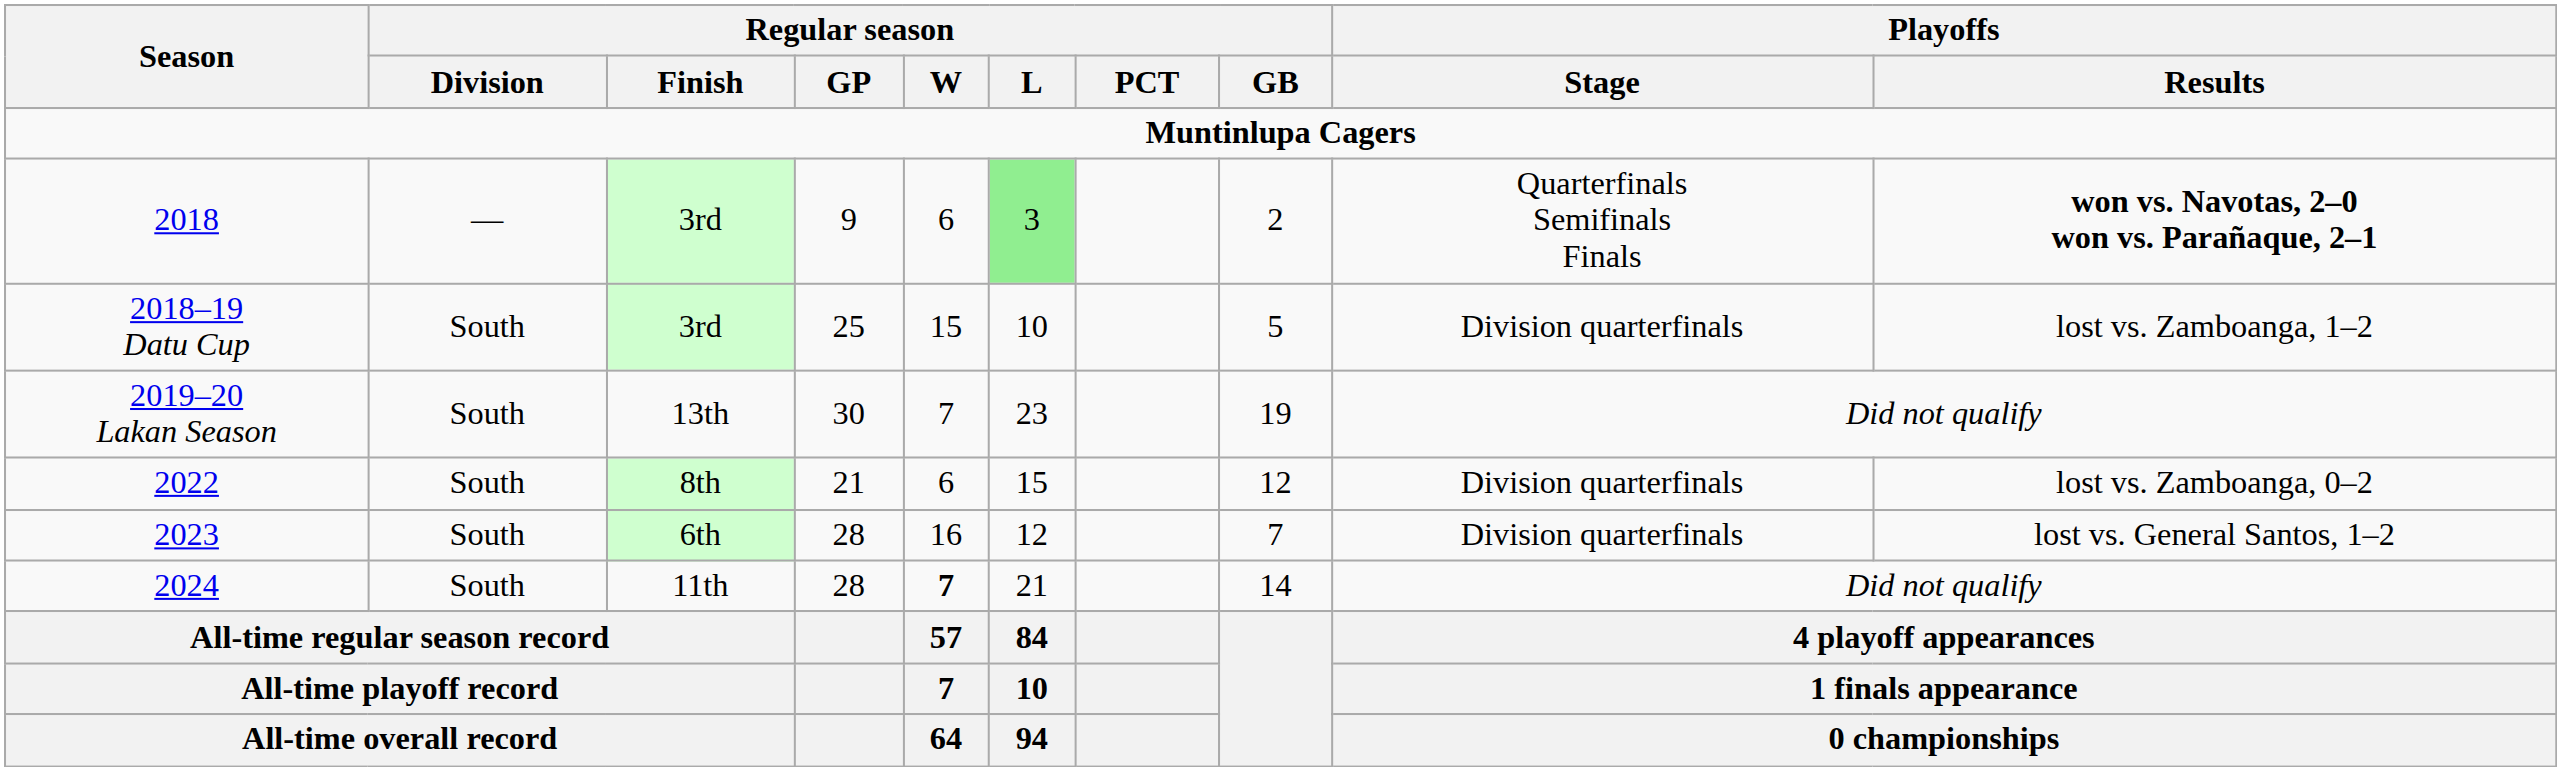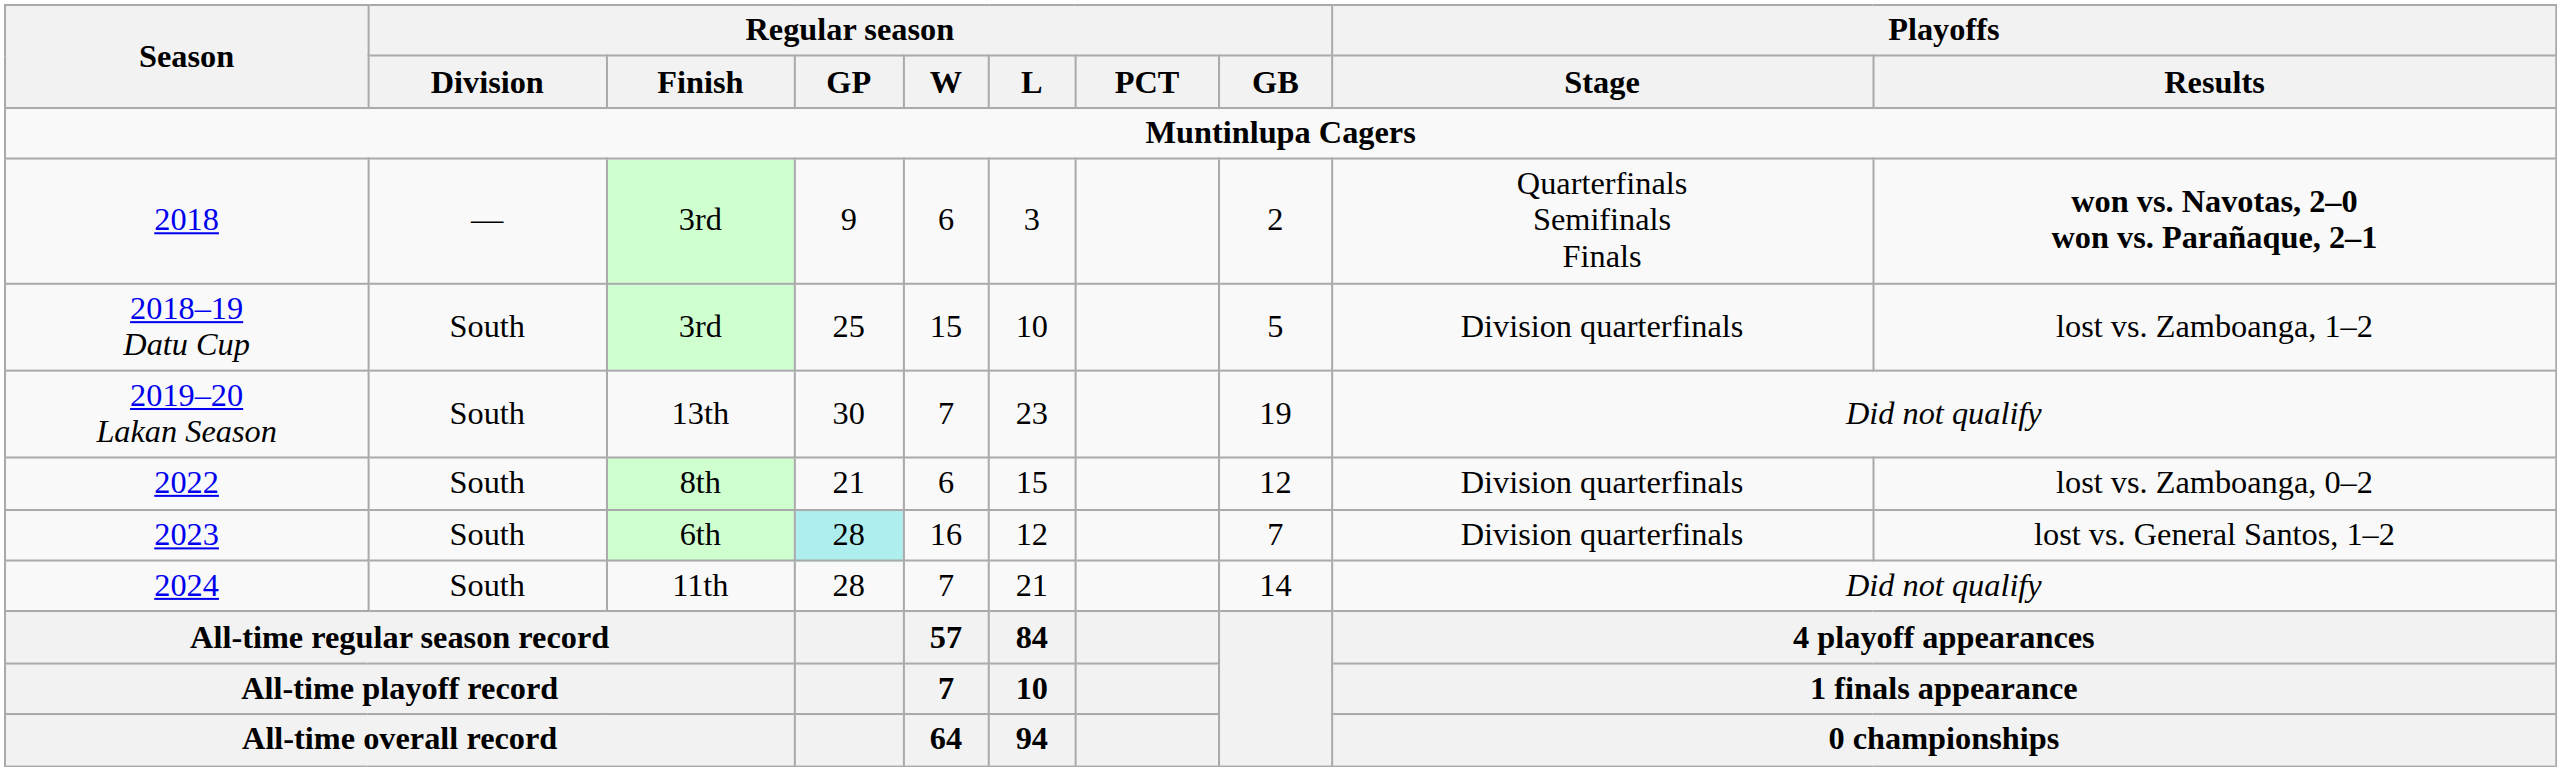 <table class=wikitable style="width:100%; text-align:center">
 <tr>
 <th rowspan="2">Season</th>
 <th colspan="7">Regular season</th>
 <th colspan="2">Playoffs</th>
 </tr>
 <tr>
 <th>Division</th>
 <th>Finish</th>
 <th>GP</th>
 <th>W</th>
 <th>L</th>
 <th>PCT</th>
 <th>GB</th>
 <th>Stage</th>
 <th>Results</th>
 </tr>
 <tr>
 <td colspan=10><span><strong>Muntinlupa Cagers</strong></span></td>
 </tr>
 <tr>
 <td><a href='#'>2018</a> <br> </td>
 <td>—</td>
 <td bgcolor="#CFFFCF">3rd</td>
 <td>9</td>
 <td>6</td>
-<td style="background: lightgreen;">3</td>
+<td>3</td>
 <td></td>
 <td>2</td>
 <td>Quarterfinals<br>Semifinals<br>Finals</td>
 <td><strong>won vs. Navotas, 2–0</strong><br><strong>won vs. Parañaque, 2–1</strong><br></td>
 </tr>
 <tr>
 <td><a href='#'>2018–19</a> <br> <em>Datu Cup</em></td>
 <td>South</td>
 <td bgcolor="#CFFFCF">3rd</td>
 <td>25</td>
 <td>15</td>
 <td>10</td>
 <td></td>
 <td>5</td>
 <td>Division quarterfinals</td>
 <td>lost vs. Zamboanga, 1–2</td>
 </tr>
 <tr>
 <td><a href='#'>2019–20</a> <br> <em>Lakan Season</em></td>
 <td>South</td>
 <td>13th</td>
 <td>30</td>
 <td>7</td>
 <td>23</td>
 <td></td>
 <td>19</td>
 <td colspan="2"><em>Did not qualify</em></td>
 </tr>
 <tr>
 <td><a href='#'>2022</a></td>
 <td>South</td>
 <td bgcolor="#CFFFCF">8th</td>
 <td>21</td>
 <td>6</td>
 <td>15</td>
 <td></td>
 <td>12</td>
 <td>Division quarterfinals</td>
 <td>lost vs. Zamboanga, 0–2</td>
 </tr>
 <tr>
 <td><a href='#'>2023</a></td>
 <td>South</td>
 <td bgcolor="#CFFFCF">6th</td>
-<td>28</td>
+<td style="background: paleturquoise;">28</td>
 <td>16</td>
 <td>12</td>
 <td></td>
 <td>7</td>
 <td>Division quarterfinals</td>
 <td>lost vs. General Santos, 1–2</td>
 </tr>
 <tr>
 <td><a href='#'>2024</a></td>
 <td>South</td>
 <td>11th</td>
 <td>28</td>
-<td><strong>7</strong></td>
+<td>7</td>
 <td>21</td>
 <td></td>
 <td>14</td>
 <td colspan="2"><em>Did not qualify</em></td>
 </tr>
 <tr>
 <th colspan="3">All-time regular season record</th>
 <th></th>
 <th>57</th>
 <th>84</th>
 <th></th>
 <th rowspan="3"></th>
 <th colspan="2">4 playoff appearances</th>
 </tr>
 <tr>
 <th colspan="3">All-time playoff record</th>
 <th></th>
 <th>7</th>
 <th>10</th>
 <th></th>
 <th colspan="2">1 finals appearance</th>
 </tr>
 <tr>
 <th colspan="3">All-time overall record</th>
 <th></th>
 <th>64</th>
 <th>94</th>
 <th></th>
 <th colspan="2">0 championships</th>
 </tr>
 </table>
